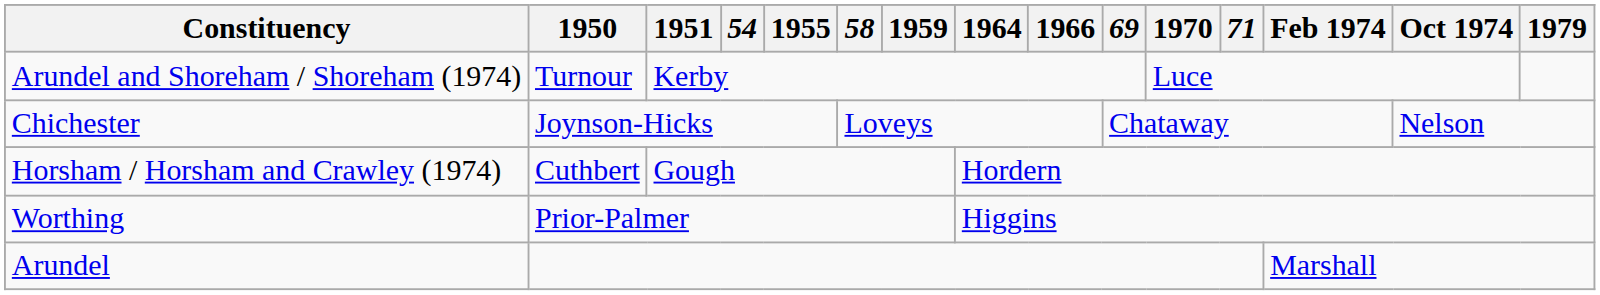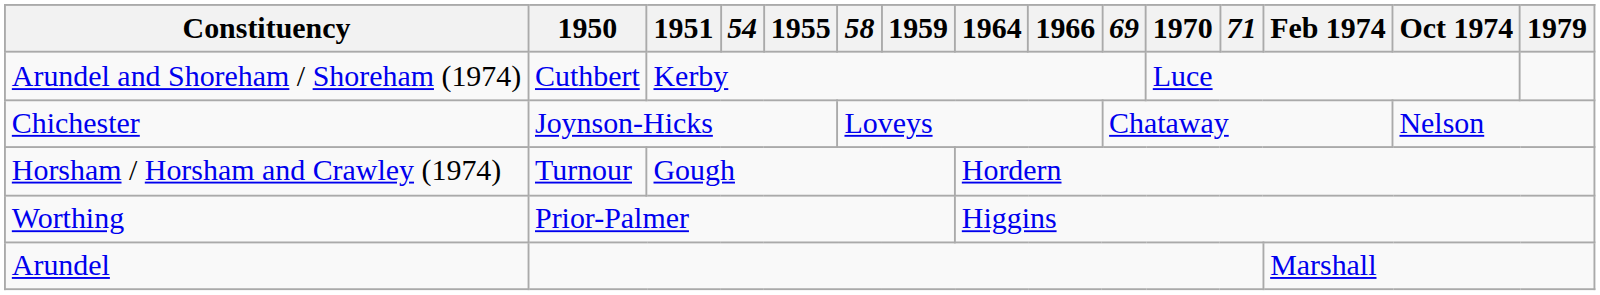 <table class="wikitable">
 <tr>
 <th>Constituency</th>
 <th>1950</th>
 <th>1951</th>
 <th><em>54</em></th>
 <th>1955</th>
 <th><em>58</em></th>
 <th>1959</th>
 <th>1964</th>
 <th>1966</th>
 <th><em>69</em></th>
 <th>1970</th>
 <th><em>71</em></th>
 <th>Feb 1974</th>
 <th>Oct 1974</th>
 <th>1979</th>
 </tr>
 <tr>
 <td><a href='#'>Arundel and Shoreham</a> / <a href='#'>Shoreham</a> (1974)</td>
-<td><a href='#'>Turnour</a></td>
+<td><a href='#'>Cuthbert</a></td>
 <td colspan="8"><a href='#'>Kerby</a></td>
 <td colspan="4"><a href='#'>Luce</a></td>
 </tr>
 <tr>
 <td><a href='#'>Chichester</a></td>
 <td colspan="4"><a href='#'>Joynson-Hicks</a></td>
 <td colspan="4"><a href='#'>Loveys</a></td>
 <td colspan="4"><a href='#'>Chataway</a></td>
 <td colspan="2"><a href='#'>Nelson</a></td>
 </tr>
 <tr>
 <td><a href='#'>Horsham</a> / <a href='#'>Horsham and Crawley</a> (1974)</td>
-<td><a href='#'>Cuthbert</a></td>
+<td><a href='#'>Turnour</a></td>
 <td colspan="5"><a href='#'>Gough</a></td>
 <td colspan="8"><a href='#'>Hordern</a></td>
 </tr>
 <tr>
 <td><a href='#'>Worthing</a></td>
 <td colspan="6"><a href='#'>Prior-Palmer</a></td>
 <td colspan="8"><a href='#'>Higgins</a></td>
 </tr>
 <tr>
 <td><a href='#'>Arundel</a></td>
 <td colspan="11"></td>
 <td colspan="3"><a href='#'>Marshall</a></td>
 </tr>
 </table>
